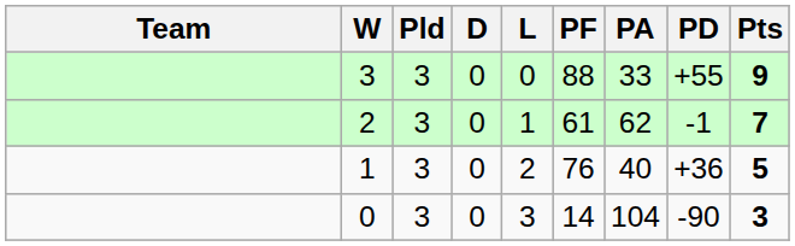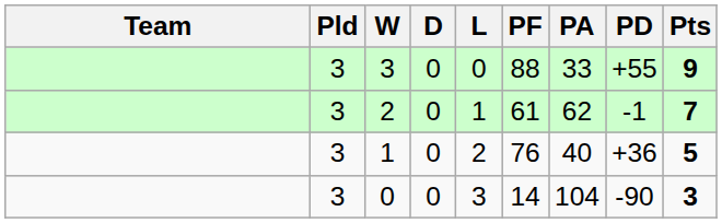 <table class="wikitable" style="text-align:center;">
 <tr>
 <th width=175>Team</th>
+<th width=20 abbr="Played">Pld</th>
 <th width=20 abbr="Won">W</th>
-<th width=20 abbr="Played">Pld</th>
 <th width=20 abbr="Drawn">D</th>
 <th width=20 abbr="Lost">L</th>
 <th width=20 abbr="Points for">PF</th>
 <th width=20 abbr="Points against">PA</th>
 <th width=25 abbr="Points difference">PD</th>
 <th width=20 abbr="Points">Pts</th>
 </tr>
 <tr bgcolor=ccffcc>
 <td align=left></td>
 <td>3</td>
 <td>3</td>
 <td>0</td>
 <td>0</td>
 <td>88</td>
 <td>33</td>
 <td>+55</td>
 <td><strong>9</strong></td>
 </tr>
 <tr bgcolor=ccffcc>
 <td align=left></td>
+<td>3</td>
 <td>2</td>
-<td>3</td>
 <td>0</td>
 <td>1</td>
 <td>61</td>
 <td>62</td>
 <td>-1</td>
 <td><strong>7</strong></td>
 </tr>
 <tr>
 <td align=left></td>
+<td>3</td>
 <td>1</td>
-<td>3</td>
 <td>0</td>
 <td>2</td>
 <td>76</td>
 <td>40</td>
 <td>+36</td>
 <td><strong>5</strong></td>
 </tr>
 <tr>
 <td align=left></td>
+<td>3</td>
 <td>0</td>
-<td>3</td>
 <td>0</td>
 <td>3</td>
 <td>14</td>
 <td>104</td>
 <td>-90</td>
 <td><strong>3</strong></td>
 </tr>
 </table>
